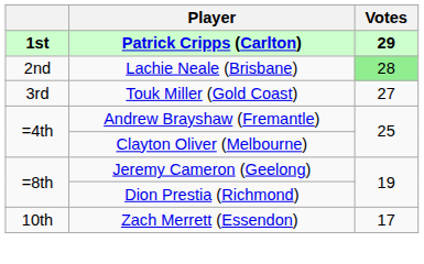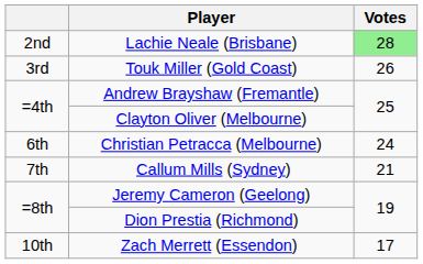 <table class="wikitable" style="text-align: center; font-size: 90%; margin: 1em auto;">
 <tr>
 <th style="width:50px;"></th>
 <th style="width:250px;">Player</th>
 <th style="width:50px;">Votes</th>
-</tr>
-<tr style="background:#cfc;">
-<td><strong>1st</strong></td>
-<td><strong><a href='#'>Patrick Cripps</a> (<a href='#'>Carlton</a>)</strong></td>
-<td><strong>29</strong></td>
 </tr>
 <tr>
 <td>2nd</td>
 <td><a href='#'>Lachie Neale</a> (<a href='#'>Brisbane</a>)</td>
 <td style="background: lightgreen;">28</td>
 </tr>
 <tr>
 <td>3rd</td>
 <td><a href='#'>Touk Miller</a> (<a href='#'>Gold Coast</a>)</td>
-<td>27</td>
+<td>26</td>
 </tr>
 <tr>
 <td rowspan="2">=4th</td>
 <td><a href='#'>Andrew Brayshaw</a> (<a href='#'>Fremantle</a>)</td>
 <td rowspan="2">25</td>
 </tr>
 <tr>
 <td><a href='#'>Clayton Oliver</a> (<a href='#'>Melbourne</a>)</td>
+</tr>
+<tr>
+<td>6th</td>
+<td><a href='#'>Christian Petracca</a> (<a href='#'>Melbourne</a>)</td>
+<td>24</td>
+</tr>
+<tr>
+<td>7th</td>
+<td> <a href='#'>Callum Mills</a> (<a href='#'>Sydney</a>)</td>
+<td>21</td>
 </tr>
 <tr>
 <td rowspan="2">=8th</td>
 <td><a href='#'>Jeremy Cameron</a> (<a href='#'>Geelong</a>)</td>
 <td rowspan="2">19</td>
 </tr>
 <tr>
 <td><a href='#'>Dion Prestia</a> (<a href='#'>Richmond</a>)</td>
 </tr>
 <tr>
 <td>10th</td>
 <td><a href='#'>Zach Merrett</a> (<a href='#'>Essendon</a>) </td>
 <td>17</td>
 </tr>
 </table>
